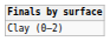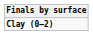 <table class=wikitable style=font-size:90%>
 <tr>
 <th>Finals by surface</th>
 </tr>
 <tr>
-<td>Clay (0–2)</td>
+<td><strong>Clay (0–2)</strong></td>
 </tr>
 </table>
